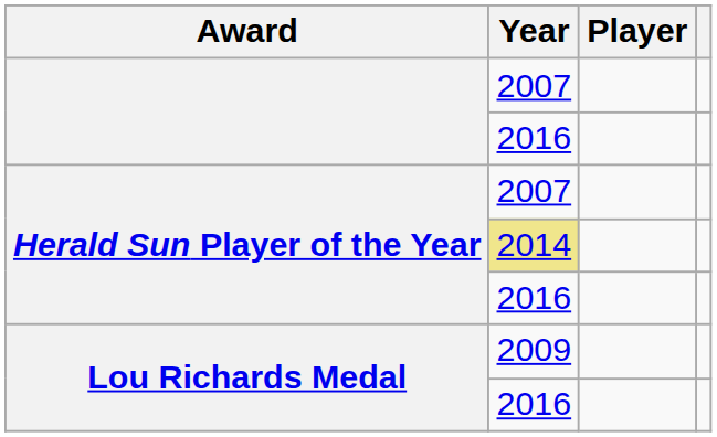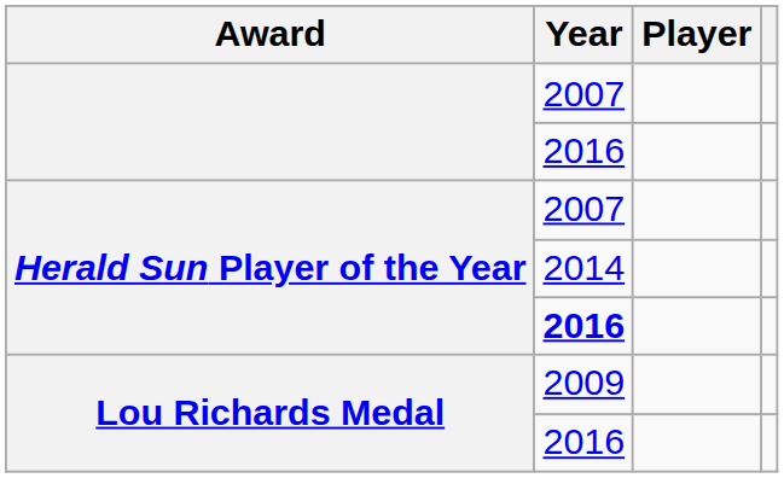 <table class="wikitable plainrowheaders sortable" style="text-align:center">
 <tr>
 <th scope="col">Award</th>
 <th scope="col">Year</th>
 <th scope="col">Player</th>
 <th scope="col" class="unsortable"></th>
 </tr>
 <tr>
 <th scope="row" rowspan=2></th>
 <td><a href='#'>2007</a></td>
 <td style="text-align:left;"></td>
 <td></td>
 </tr>
 <tr>
 <td><a href='#'>2016</a></td>
 <td style="text-align:left;"></td>
 <td></td>
 </tr>
 <tr>
 <th scope="row" rowspan=3><a href='#'><em>Herald Sun</em> Player of the Year</a></th>
 <td><a href='#'>2007</a></td>
 <td style="text-align:left;"></td>
 <td></td>
 </tr>
 <tr>
-<td style="background: khaki;"><a href='#'>2014</a></td>
+<td><a href='#'>2014</a></td>
 <td style="text-align:left;"></td>
 <td></td>
 </tr>
 <tr>
-<td><a href='#'>2016</a></td>
+<td><strong><a href='#'>2016</a></strong></td>
 <td style="text-align:left;"></td>
 <td></td>
 </tr>
 <tr>
 <th scope="row" rowspan=2><a href='#'>Lou Richards Medal</a></th>
 <td><a href='#'>2009</a></td>
 <td style="text-align:left;"></td>
 <td></td>
 </tr>
 <tr>
 <td><a href='#'>2016</a></td>
 <td style="text-align:left;"></td>
 <td></td>
 </tr>
 </table>
